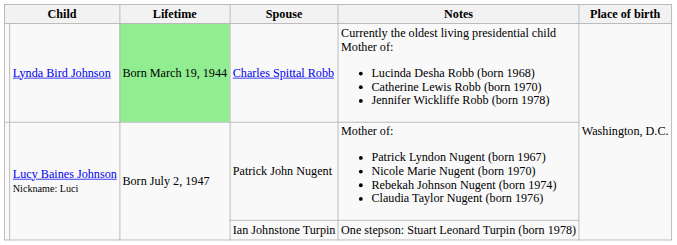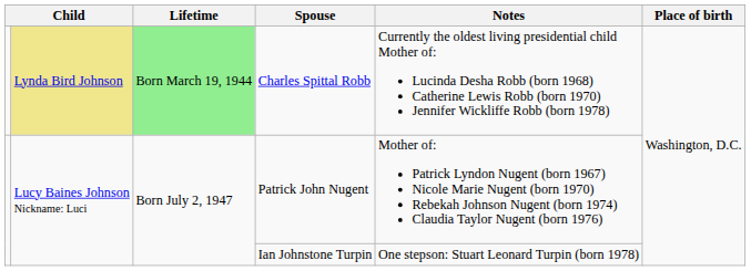 <table class="wikitable">
 <tr>
 <th colspan="2">Child</th>
 <th>Lifetime</th>
 <th>Spouse</th>
 <th>Notes</th>
 <th>Place of birth</th>
 </tr>
 <tr>
 <td></td>
-<td><a href='#'>Lynda Bird Johnson</a></td>
+<td style="background: khaki;"><a href='#'>Lynda Bird Johnson</a></td>
 <td style="background: lightgreen;">Born March 19, 1944</td>
 <td><a href='#'>Charles Spittal Robb</a></td>
 <td>Currently the oldest living presidential child<br>Mother of:<ul><li>Lucinda Desha Robb (born 1968)</li><li>Catherine Lewis Robb (born 1970)</li><li>Jennifer Wickliffe Robb (born 1978)</li></ul></td>
 <td rowspan="3">Washington, D.C.</td>
 </tr>
 <tr>
 <td rowspan="2"></td>
 <td rowspan="2"><a href='#'>Lucy Baines Johnson</a><br><small>Nickname: Luci</small></td>
 <td rowspan="2">Born July 2, 1947</td>
 <td>Patrick John Nugent</td>
 <td>Mother of:<br><ul><li>Patrick Lyndon Nugent (born 1967)</li><li>Nicole Marie Nugent (born 1970)</li><li>Rebekah Johnson Nugent (born 1974)</li><li>Claudia Taylor Nugent (born 1976)</li></ul></td>
 </tr>
 <tr>
 <td>Ian Johnstone Turpin</td>
 <td>One stepson: Stuart Leonard Turpin (born 1978)</td>
 </tr>
 </table>
